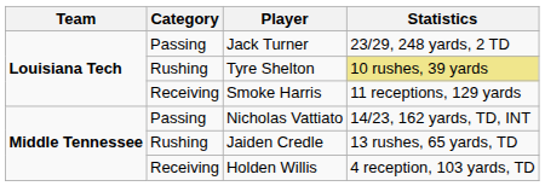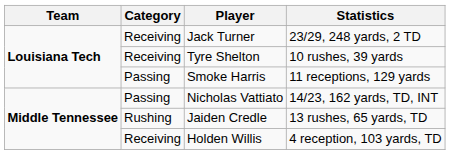 <table class="wikitable" style="float: left;">
 <tr>
 <th>Team</th>
 <th>Category</th>
 <th>Player</th>
 <th>Statistics</th>
 </tr>
 <tr>
 <td rowspan=3><strong>Louisiana Tech</strong></td>
-<td>Passing</td>
+<td>Receiving</td>
 <td>Jack Turner</td>
 <td>23/29, 248 yards, 2 TD</td>
 </tr>
 <tr>
-<td>Rushing</td>
+<td>Receiving</td>
 <td>Tyre Shelton</td>
-<td style="background: khaki;">10 rushes, 39 yards</td>
+<td>10 rushes, 39 yards</td>
 </tr>
 <tr>
-<td>Receiving</td>
+<td>Passing</td>
 <td>Smoke Harris</td>
 <td>11 receptions, 129 yards</td>
 </tr>
 <tr>
 <td rowspan=3><strong>Middle Tennessee</strong></td>
 <td>Passing</td>
 <td>Nicholas Vattiato</td>
 <td>14/23, 162 yards, TD, INT</td>
 </tr>
 <tr>
 <td>Rushing</td>
 <td>Jaiden Credle</td>
 <td>13 rushes, 65 yards, TD</td>
 </tr>
 <tr>
 <td>Receiving</td>
 <td>Holden Willis</td>
 <td>4 reception, 103 yards, TD</td>
 </tr>
 </table>
